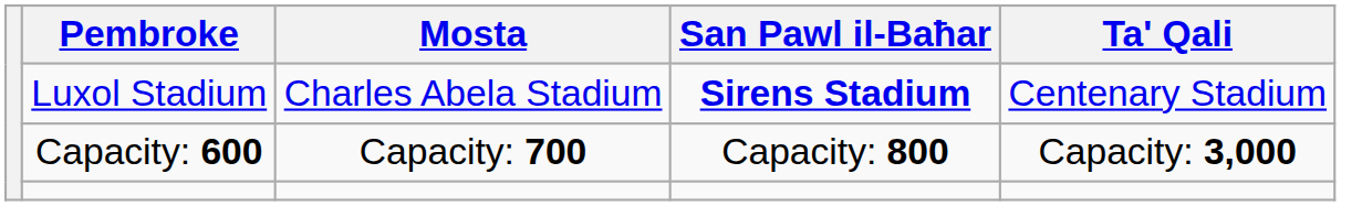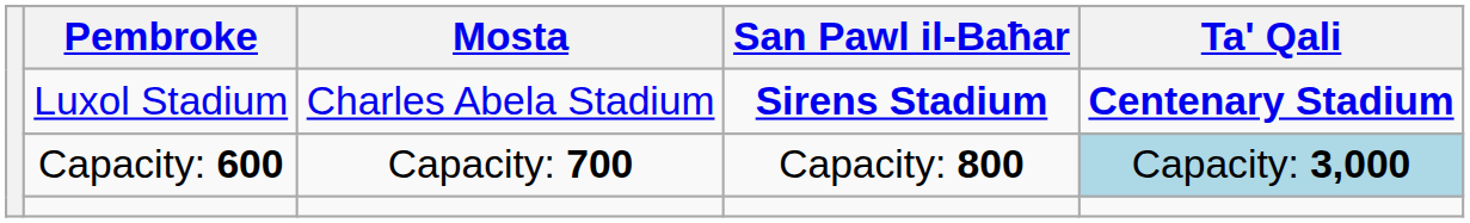 <table class="wikitable" style="text-align:center">
 <tr>
 <th rowspan="4"></th>
 <th><a href='#'>Pembroke</a></th>
 <th><a href='#'>Mosta</a></th>
 <th><a href='#'>San Pawl il-Baħar</a></th>
 <th><a href='#'>Ta' Qali</a></th>
 </tr>
 <tr>
 <td><a href='#'>Luxol Stadium</a></td>
 <td><a href='#'>Charles Abela Stadium</a></td>
 <td><strong><a href='#'>Sirens Stadium</a></strong></td>
-<td><a href='#'>Centenary Stadium</a></td>
+<td><strong><a href='#'>Centenary Stadium</a></strong></td>
 </tr>
 <tr>
 <td>Capacity: <strong>600</strong></td>
 <td>Capacity: <strong>700</strong></td>
 <td>Capacity: <strong>800</strong></td>
-<td>Capacity: <strong>3,000</strong></td>
+<td style="background: lightblue;">Capacity: <strong>3,000</strong></td>
 </tr>
 <tr>
 <td></td>
 <td></td>
 <td></td>
 <td></td>
 </tr>
 </table>
